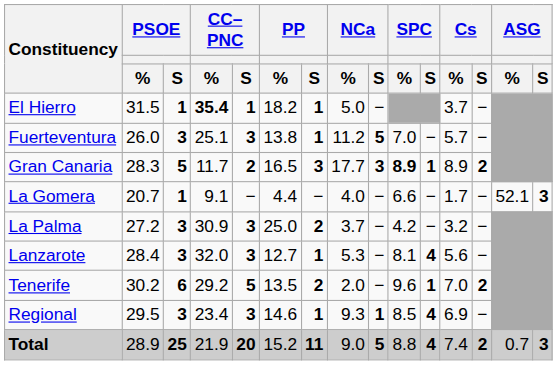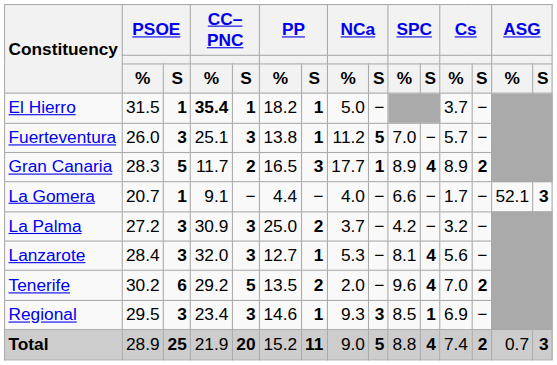 <table class="wikitable sortable" style="text-align:right; line-height:20px;">
 <tr>
 <th rowspan="3">Constituency</th>
 <th colspan="2" width="30px" class="unsortable"><a href='#'>PSOE</a></th>
 <th colspan="2" width="30px" class="unsortable"><a href='#'>CC–PNC</a></th>
 <th colspan="2" width="30px" class="unsortable"><a href='#'>PP</a></th>
 <th colspan="2" width="30px" class="unsortable"><a href='#'>NCa</a></th>
 <th colspan="2" width="30px" class="unsortable"><a href='#'>SPC</a></th>
 <th colspan="2" width="30px" class="unsortable"><a href='#'>Cs</a></th>
 <th colspan="2" width="30px" class="unsortable"><a href='#'>ASG</a></th>
 </tr>
 <tr>
 <th colspan="2" style="background:"></th>
 <th colspan="2" style="background:"></th>
 <th colspan="2" style="background:"></th>
 <th colspan="2" style="background:"></th>
 <th colspan="2" style="background:"></th>
 <th colspan="2" style="background:"></th>
 <th colspan="2" style="background:"></th>
 </tr>
 <tr>
 <th data-sort-type="number">%</th>
 <th data-sort-type="number">S</th>
 <th data-sort-type="number">%</th>
 <th data-sort-type="number">S</th>
 <th data-sort-type="number">%</th>
 <th data-sort-type="number">S</th>
 <th data-sort-type="number">%</th>
 <th data-sort-type="number">S</th>
 <th data-sort-type="number">%</th>
 <th data-sort-type="number">S</th>
 <th data-sort-type="number">%</th>
 <th data-sort-type="number">S</th>
 <th data-sort-type="number">%</th>
 <th data-sort-type="number">S</th>
 </tr>
 <tr>
 <td align="left"><a href='#'>El Hierro</a></td>
 <td>31.5</td>
 <td><strong>1</strong></td>
 <td style="background:"><strong>35.4</strong></td>
 <td><strong>1</strong></td>
 <td>18.2</td>
 <td><strong>1</strong></td>
 <td>5.0</td>
 <td>−</td>
 <td colspan="2" bgcolor="#AAAAAA"></td>
 <td>3.7</td>
 <td>−</td>
 <td colspan="2" rowspan="3" bgcolor="#AAAAAA"></td>
 </tr>
 <tr>
 <td align="left"><a href='#'>Fuerteventura</a></td>
 <td style="background:">26.0</td>
 <td><strong>3</strong></td>
 <td>25.1</td>
 <td><strong>3</strong></td>
 <td>13.8</td>
 <td><strong>1</strong></td>
 <td>11.2</td>
 <td><strong>5</strong></td>
 <td>7.0</td>
 <td>−</td>
 <td>5.7</td>
 <td>−</td>
 </tr>
 <tr>
 <td align="left"><a href='#'>Gran Canaria</a></td>
 <td style="background:">28.3</td>
 <td><strong>5</strong></td>
 <td>11.7</td>
 <td><strong>2</strong></td>
 <td>16.5</td>
 <td><strong>3</strong></td>
 <td>17.7</td>
-<td><strong>3</strong></td>
-<td><strong>8.9</strong></td>
 <td><strong>1</strong></td>
+<td>8.9</td>
+<td><strong>4</strong></td>
 <td>8.9</td>
 <td><strong>2</strong></td>
 </tr>
 <tr>
 <td align="left"><a href='#'>La Gomera</a></td>
 <td>20.7</td>
 <td><strong>1</strong></td>
 <td>9.1</td>
 <td>−</td>
 <td>4.4</td>
 <td>−</td>
 <td>4.0</td>
 <td>−</td>
 <td>6.6</td>
 <td>−</td>
 <td>1.7</td>
 <td>−</td>
 <td style="background:">52.1</td>
 <td><strong>3</strong></td>
 </tr>
 <tr>
 <td align="left"><a href='#'>La Palma</a></td>
 <td>27.2</td>
 <td><strong>3</strong></td>
 <td style="background:">30.9</td>
 <td><strong>3</strong></td>
 <td>25.0</td>
 <td><strong>2</strong></td>
 <td>3.7</td>
 <td>−</td>
 <td>4.2</td>
 <td>−</td>
 <td>3.2</td>
 <td>−</td>
 <td colspan="2" rowspan="4" bgcolor="#AAAAAA"></td>
 </tr>
 <tr>
 <td align="left"><a href='#'>Lanzarote</a></td>
 <td>28.4</td>
 <td><strong>3</strong></td>
 <td style="background:">32.0</td>
 <td><strong>3</strong></td>
 <td>12.7</td>
 <td><strong>1</strong></td>
 <td>5.3</td>
 <td>−</td>
 <td>8.1</td>
 <td><strong>4</strong></td>
 <td>5.6</td>
 <td>−</td>
 </tr>
 <tr>
 <td align="left"><a href='#'>Tenerife</a></td>
 <td style="background:">30.2</td>
 <td><strong>6</strong></td>
 <td>29.2</td>
 <td><strong>5</strong></td>
 <td>13.5</td>
 <td><strong>2</strong></td>
 <td>2.0</td>
 <td>−</td>
 <td>9.6</td>
-<td><strong>1</strong></td>
+<td><strong>4</strong></td>
 <td>7.0</td>
 <td><strong>2</strong></td>
 </tr>
 <tr>
 <td align="left"><a href='#'>Regional</a></td>
 <td style="background:">29.5</td>
 <td><strong>3</strong></td>
 <td>23.4</td>
 <td><strong>3</strong></td>
 <td>14.6</td>
 <td><strong>1</strong></td>
 <td>9.3</td>
+<td><strong>3</strong></td>
+<td>8.5</td>
 <td><strong>1</strong></td>
-<td>8.5</td>
-<td><strong>4</strong></td>
 <td>6.9</td>
 <td>−</td>
 </tr>
 <tr style="background:#CDCDCD;">
 <td align="left"><strong>Total</strong></td>
 <td style="background:">28.9</td>
 <td><strong>25</strong></td>
 <td>21.9</td>
 <td><strong>20</strong></td>
 <td>15.2</td>
 <td><strong>11</strong></td>
 <td>9.0</td>
 <td><strong>5</strong></td>
 <td>8.8</td>
 <td><strong>4</strong></td>
 <td>7.4</td>
 <td><strong>2</strong></td>
 <td>0.7</td>
 <td><strong>3</strong></td>
 </tr>
 </table>
